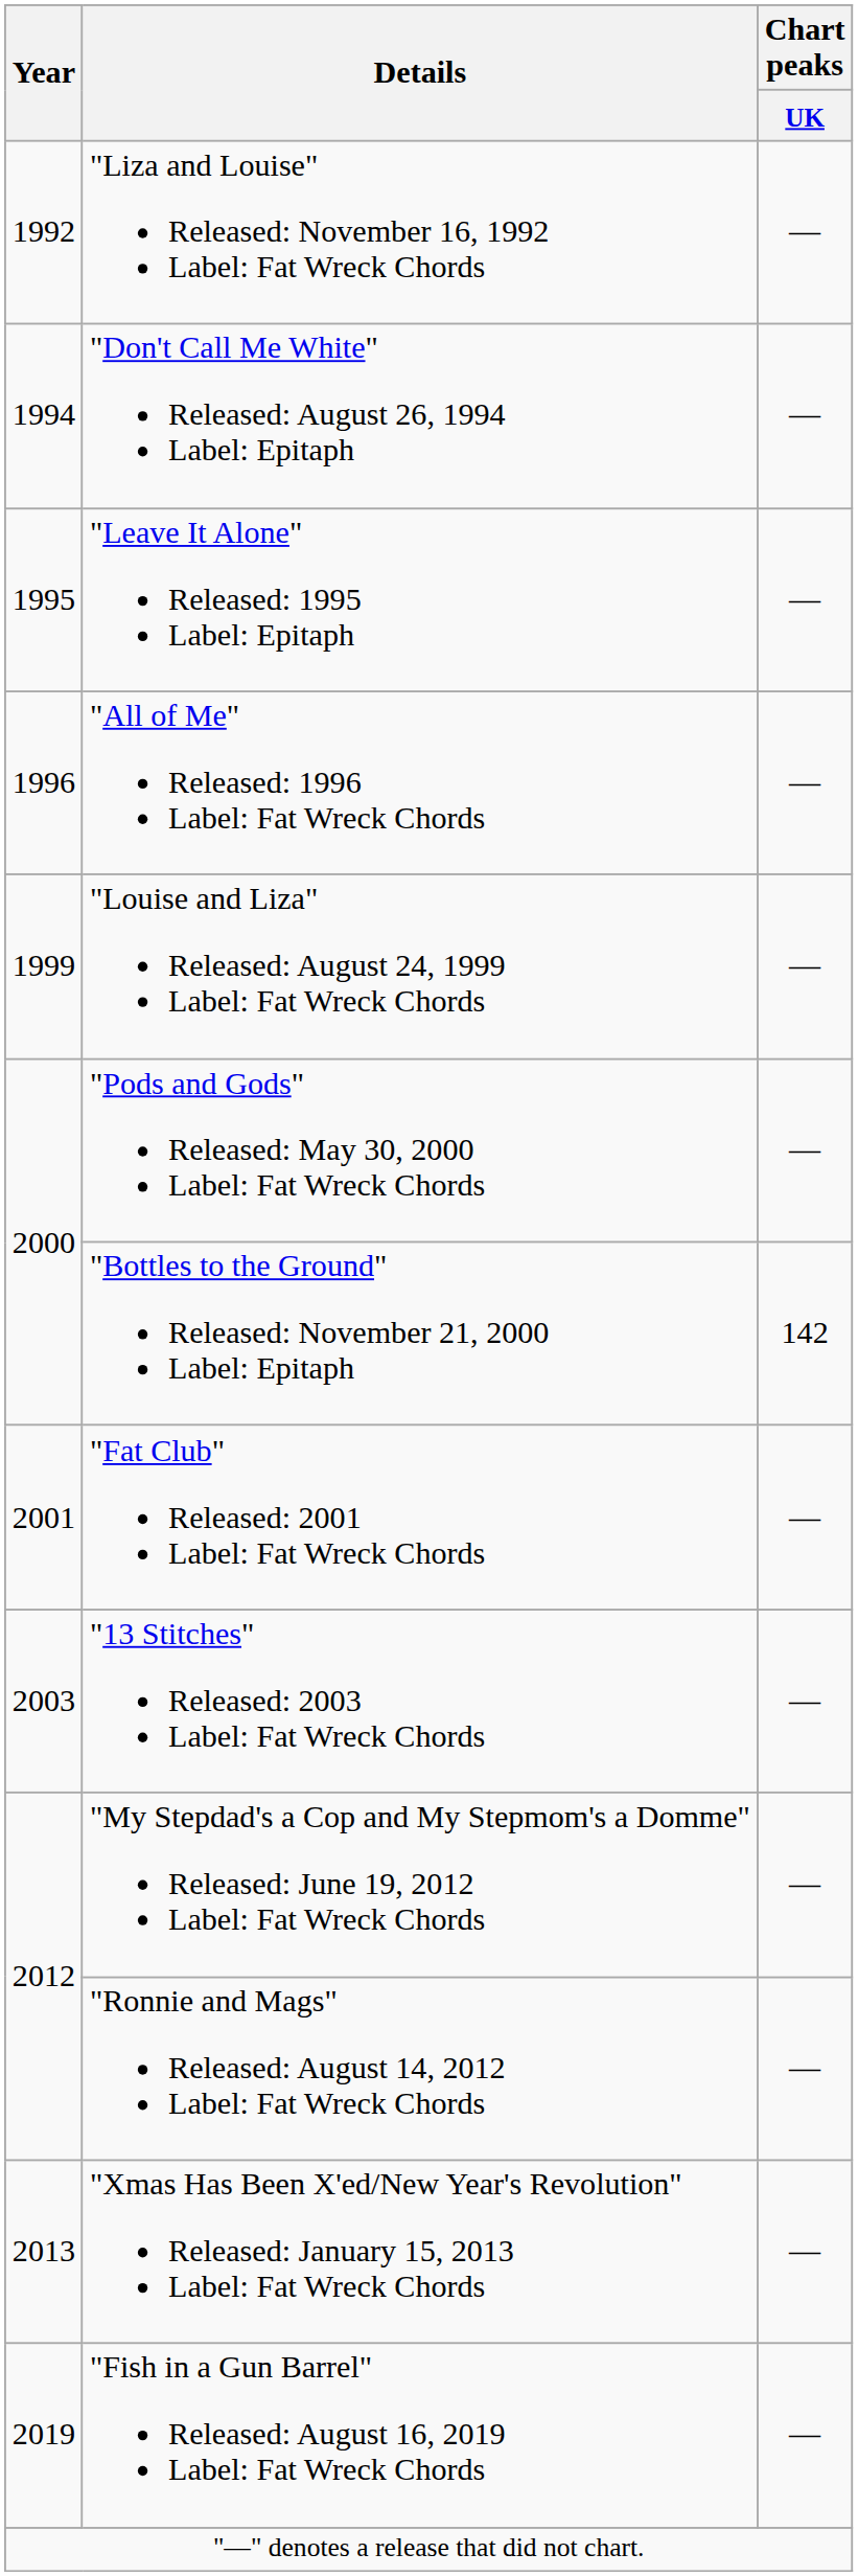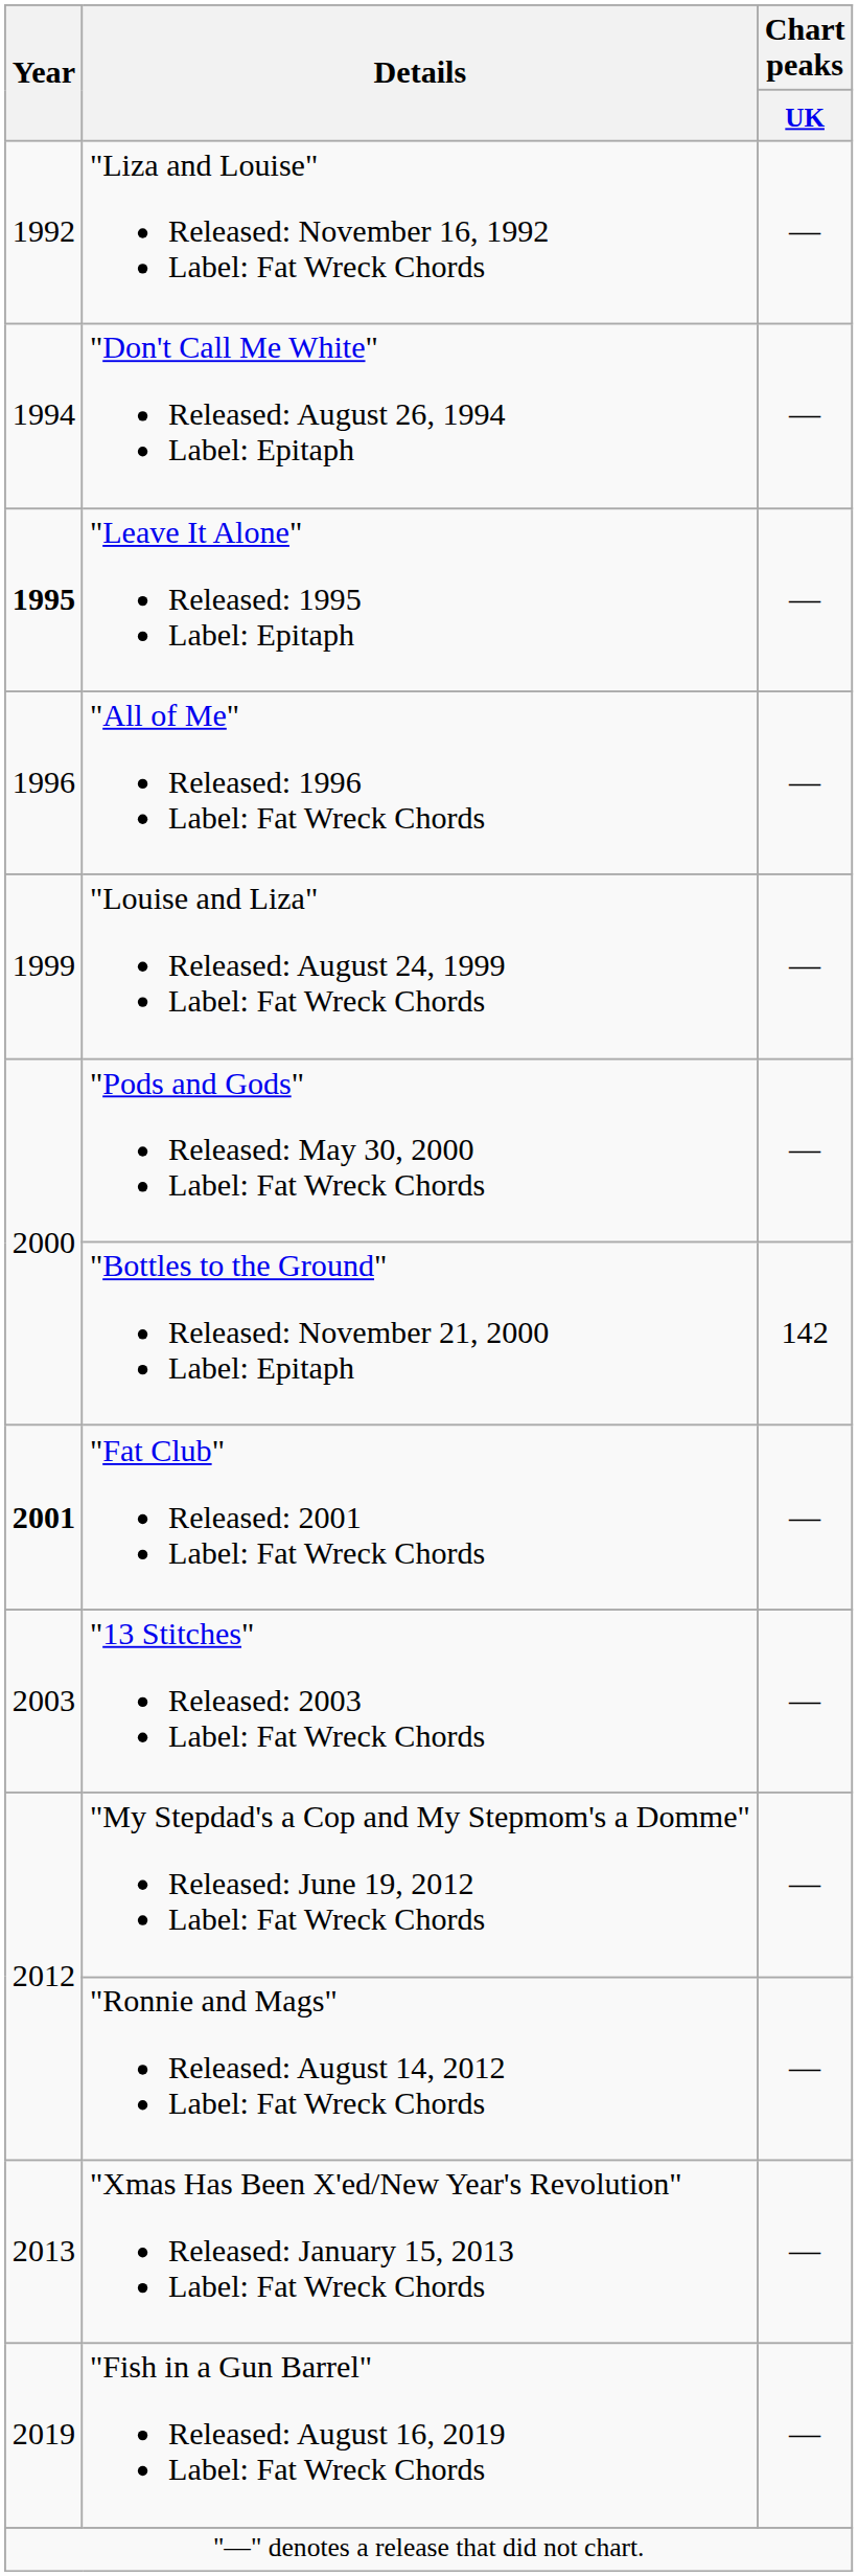 <table class="wikitable">
 <tr>
 <th scope="col" rowspan="2">Year</th>
 <th scope="col" rowspan="2">Details</th>
 <th scope="col" colspan="1">Chart peaks</th>
 </tr>
 <tr>
 <th style="width:30px;"><small><a href='#'>UK</a></small><br></th>
 </tr>
 <tr>
 <td>1992</td>
 <td>"Liza and Louise"<br><ul><li>Released: November 16, 1992</li><li>Label: Fat Wreck Chords</li></ul></td>
 <td style="text-align:center;">—</td>
 </tr>
 <tr>
 <td>1994</td>
 <td>"<a href='#'>Don't Call Me White</a>"<br><ul><li>Released: August 26, 1994</li><li>Label: Epitaph</li></ul></td>
 <td style="text-align:center;">—</td>
 </tr>
 <tr>
-<td>1995</td>
+<td><strong>1995</strong></td>
 <td>"<a href='#'>Leave It Alone</a>"<br><ul><li>Released: 1995</li><li>Label: Epitaph</li></ul></td>
 <td style="text-align:center;">—</td>
 </tr>
 <tr>
 <td>1996</td>
 <td>"<a href='#'>All of Me</a>"<br><ul><li>Released: 1996</li><li>Label: Fat Wreck Chords</li></ul></td>
 <td style="text-align:center;">—</td>
 </tr>
 <tr>
 <td>1999</td>
 <td>"Louise and Liza"<br><ul><li>Released: August 24, 1999</li><li>Label: Fat Wreck Chords</li></ul></td>
 <td style="text-align:center;">—</td>
 </tr>
 <tr>
 <td rowspan="2">2000</td>
 <td>"<a href='#'>Pods and Gods</a>"<br><ul><li>Released: May 30, 2000</li><li>Label: Fat Wreck Chords</li></ul></td>
 <td style="text-align:center;">—</td>
 </tr>
 <tr>
 <td>"<a href='#'>Bottles to the Ground</a>"<br><ul><li>Released: November 21, 2000</li><li>Label: Epitaph</li></ul></td>
 <td style="text-align:center;">142</td>
 </tr>
 <tr>
-<td>2001</td>
+<td><strong>2001</strong></td>
 <td>"<a href='#'>Fat Club</a>"<br><ul><li>Released: 2001</li><li>Label: Fat Wreck Chords</li></ul></td>
 <td style="text-align:center;">—</td>
 </tr>
 <tr>
 <td>2003</td>
 <td>"<a href='#'>13 Stitches</a>"<br><ul><li>Released: 2003</li><li>Label: Fat Wreck Chords</li></ul></td>
 <td style="text-align:center;">—</td>
 </tr>
 <tr>
 <td rowspan="2">2012</td>
 <td>"My Stepdad's a Cop and My Stepmom's a Domme"<br><ul><li>Released: June 19, 2012</li><li>Label: Fat Wreck Chords</li></ul></td>
 <td style="text-align:center;">—</td>
 </tr>
 <tr>
 <td>"Ronnie and Mags"<br><ul><li>Released: August 14, 2012</li><li>Label: Fat Wreck Chords</li></ul></td>
 <td style="text-align:center;">—</td>
 </tr>
 <tr>
 <td>2013</td>
 <td>"Xmas Has Been X'ed/New Year's Revolution"<br><ul><li>Released: January 15, 2013</li><li>Label: Fat Wreck Chords</li></ul></td>
 <td style="text-align:center;">—</td>
 </tr>
 <tr>
 <td>2019</td>
 <td>"Fish in a Gun Barrel"<br><ul><li>Released: August 16, 2019</li><li>Label: Fat Wreck Chords</li></ul></td>
 <td style="text-align:center;">—</td>
 </tr>
 <tr>
 <td colspan="3" style="text-align:center; font-size:85%">"—" denotes a release that did not chart.</td>
 </tr>
 </table>
